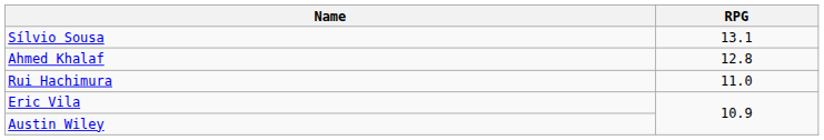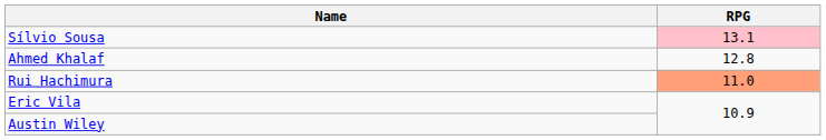 <table class=wikitable width="90%">
 <tr>
 <th width="80%">Name</th>
 <th width="20%">RPG</th>
 </tr>
 <tr>
 <td> <a href='#'>Sílvio Sousa</a></td>
-<td align=center>13.1</td>
+<td align=center style="background: pink;">13.1</td>
 </tr>
 <tr>
 <td> <a href='#'>Ahmed Khalaf</a></td>
 <td align=center>12.8</td>
 </tr>
 <tr>
 <td> <a href='#'>Rui Hachimura</a></td>
-<td align=center>11.0</td>
+<td align=center style="background: lightsalmon;">11.0</td>
 </tr>
 <tr>
 <td> <a href='#'>Eric Vila</a></td>
 <td align=center rowspan=2>10.9</td>
 </tr>
 <tr>
 <td> <a href='#'>Austin Wiley</a></td>
 </tr>
 </table>
